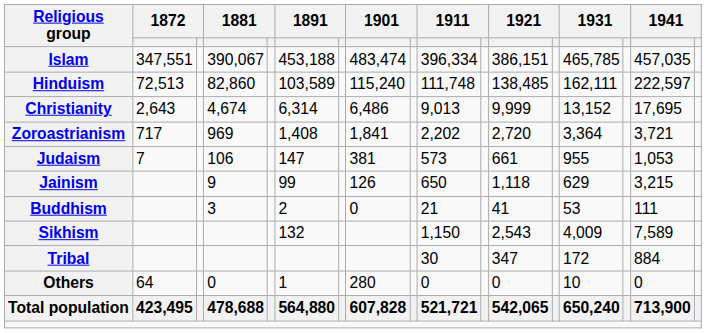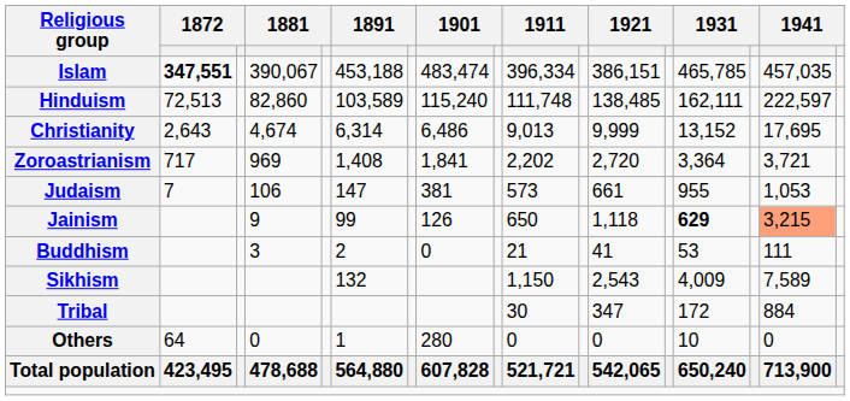 <table class="wikitable sortable">
 <tr>
 <th rowspan="2"><a href='#'>Religious</a><br>group</th>
 <th colspan="2">1872</th>
 <th colspan="2">1881</th>
 <th colspan="2">1891</th>
 <th colspan="2">1901</th>
 <th colspan="2">1911</th>
 <th colspan="2">1921</th>
 <th colspan="2">1931</th>
 <th colspan="2">1941</th>
 </tr>
 <tr>
 <th><a href='#'></a></th>
 <th></th>
 <th></th>
 <th></th>
 <th></th>
 <th></th>
 <th></th>
 <th></th>
 <th></th>
 <th></th>
 <th></th>
 <th></th>
 <th></th>
 <th></th>
 <th></th>
 <th></th>
 </tr>
 <tr>
 <th><a href='#'>Islam</a> </th>
-<td>347,551</td>
+<td><strong>347,551</strong></td>
 <td></td>
 <td>390,067</td>
 <td></td>
 <td>453,188</td>
 <td></td>
 <td>483,474</td>
 <td></td>
 <td>396,334</td>
 <td></td>
 <td>386,151</td>
 <td></td>
 <td>465,785</td>
 <td></td>
 <td>457,035</td>
 <td></td>
 </tr>
 <tr>
 <th><a href='#'>Hinduism</a> </th>
 <td>72,513</td>
 <td></td>
 <td>82,860</td>
 <td></td>
 <td>103,589</td>
 <td></td>
 <td>115,240</td>
 <td></td>
 <td>111,748</td>
 <td></td>
 <td>138,485</td>
 <td></td>
 <td>162,111</td>
 <td></td>
 <td>222,597</td>
 <td></td>
 </tr>
 <tr>
 <th><a href='#'>Christianity</a> </th>
 <td>2,643</td>
 <td></td>
 <td>4,674</td>
 <td></td>
 <td>6,314</td>
 <td></td>
 <td>6,486</td>
 <td></td>
 <td>9,013</td>
 <td></td>
 <td>9,999</td>
 <td></td>
 <td>13,152</td>
 <td></td>
 <td>17,695</td>
 <td></td>
 </tr>
 <tr>
 <th><a href='#'>Zoroastrianism</a> </th>
 <td>717</td>
 <td></td>
 <td>969</td>
 <td></td>
 <td>1,408</td>
 <td></td>
 <td>1,841</td>
 <td></td>
 <td>2,202</td>
 <td></td>
 <td>2,720</td>
 <td></td>
 <td>3,364</td>
 <td></td>
 <td>3,721</td>
 <td></td>
 </tr>
 <tr>
 <th><a href='#'>Judaism</a> </th>
 <td>7</td>
 <td></td>
 <td>106</td>
 <td></td>
 <td>147</td>
 <td></td>
 <td>381</td>
 <td></td>
 <td>573</td>
 <td></td>
 <td>661</td>
 <td></td>
 <td>955</td>
 <td></td>
 <td>1,053</td>
 <td></td>
 </tr>
 <tr>
 <th><a href='#'>Jainism</a> </th>
 <td></td>
 <td></td>
 <td>9</td>
 <td></td>
 <td>99</td>
 <td></td>
 <td>126</td>
 <td></td>
 <td>650</td>
 <td></td>
 <td>1,118</td>
 <td></td>
-<td>629</td>
+<td><strong>629</strong></td>
 <td></td>
-<td>3,215</td>
+<td style="background: lightsalmon;">3,215</td>
 <td></td>
 </tr>
 <tr>
 <th><a href='#'>Buddhism</a> </th>
 <td></td>
 <td></td>
 <td>3</td>
 <td></td>
 <td>2</td>
 <td></td>
 <td>0</td>
 <td></td>
 <td>21</td>
 <td></td>
 <td>41</td>
 <td></td>
 <td>53</td>
 <td></td>
 <td>111</td>
 <td></td>
 </tr>
 <tr>
 <th><a href='#'>Sikhism</a> </th>
 <td></td>
 <td></td>
 <td></td>
 <td></td>
 <td>132</td>
 <td></td>
 <td></td>
 <td></td>
 <td>1,150</td>
 <td></td>
 <td>2,543</td>
 <td></td>
 <td>4,009</td>
 <td></td>
 <td>7,589</td>
 <td></td>
 </tr>
 <tr>
 <th><a href='#'>Tribal</a></th>
 <td></td>
 <td></td>
 <td></td>
 <td></td>
 <td></td>
 <td></td>
 <td></td>
 <td></td>
 <td>30</td>
 <td></td>
 <td>347</td>
 <td></td>
 <td>172</td>
 <td></td>
 <td>884</td>
 <td></td>
 </tr>
 <tr>
 <th>Others</th>
 <td>64</td>
 <td></td>
 <td>0</td>
 <td></td>
 <td>1</td>
 <td></td>
 <td>280</td>
 <td></td>
 <td>0</td>
 <td></td>
 <td>0</td>
 <td></td>
 <td>10</td>
 <td></td>
 <td>0</td>
 <td></td>
 </tr>
 <tr>
 <th>Total population</th>
 <th>423,495</th>
 <th></th>
 <th>478,688</th>
 <th></th>
 <th>564,880</th>
 <th></th>
 <th>607,828</th>
 <th></th>
 <th>521,721</th>
 <th></th>
 <th>542,065</th>
 <th></th>
 <th>650,240</th>
 <th></th>
 <th>713,900</th>
 <th></th>
 </tr>
 <tr class="sortbottom">
 <td colspan="20"></td>
 </tr>
 </table>
